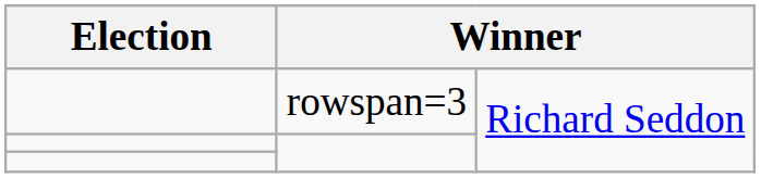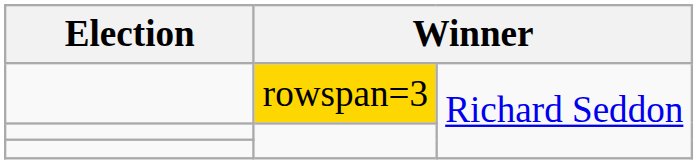 <table class=wikitable>
 <tr>
 <th width=100>Election</th>
 <th width=175 colspan=2>Winner</th>
 </tr>
 <tr>
 <td></td>
-<td>rowspan=3 </td>
+<td style="background: gold;">rowspan=3 </td>
 <td rowspan=3><a href='#'>Richard Seddon</a></td>
 </tr>
 <tr>
 <td></td>
 </tr>
 <tr>
 <td></td>
 </tr>
 </table>
